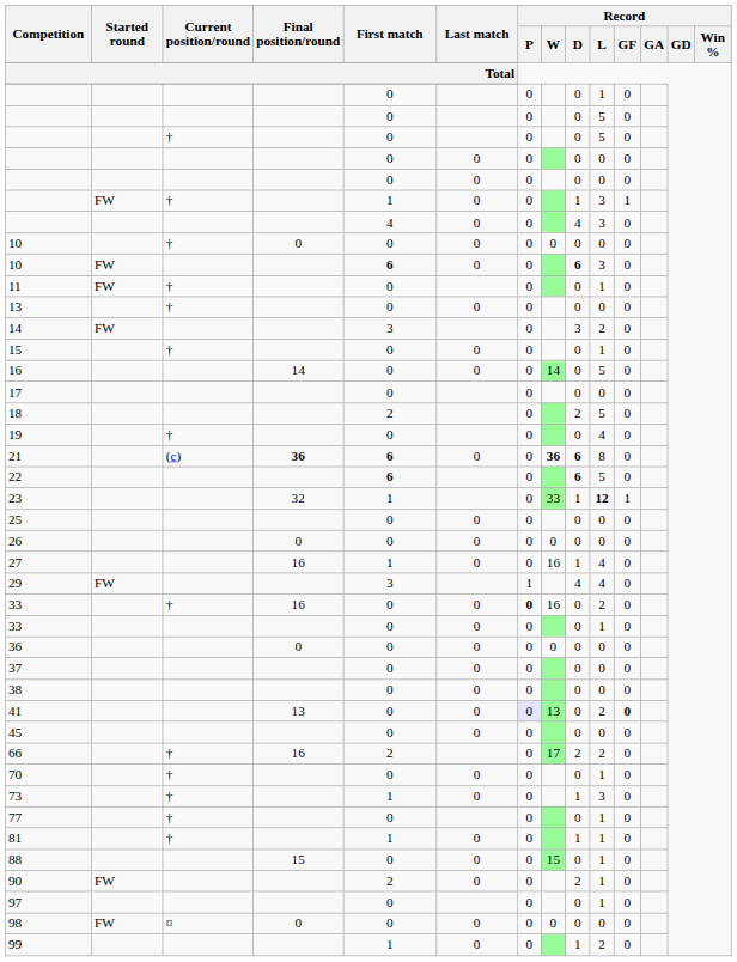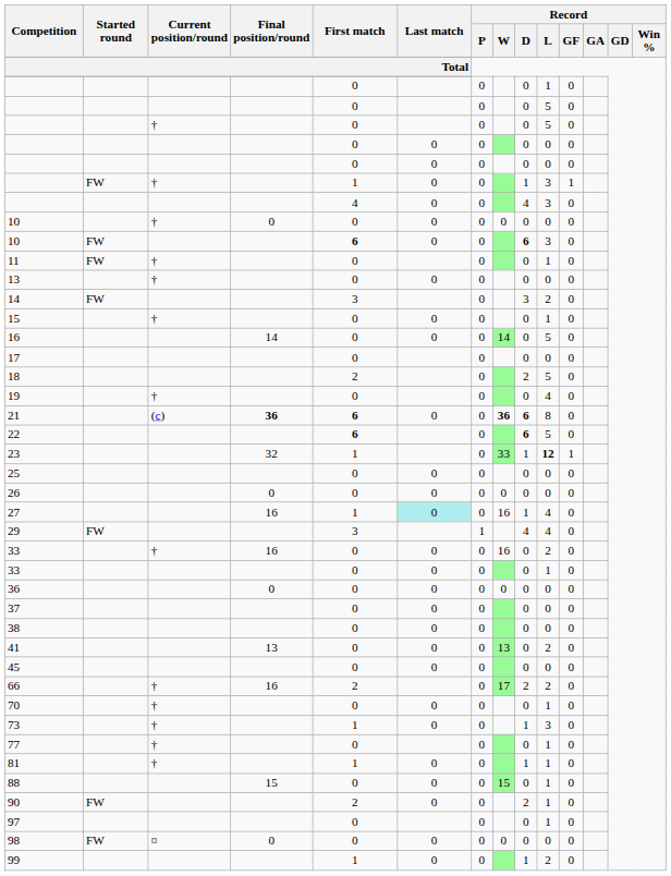 <table class="wikitable" style="text-align: center">
 <tr>
 <th rowspan=2 width="100">Competition</th>
 <th rowspan=2 width="90">Started round</th>
 <th rowspan=2 width="90">Current position/round</th>
 <th rowspan=2 width="90">Final position/round</th>
 <th rowspan=2 width="130">First match</th>
 <th rowspan=2 width="110">Last match</th>
 <th colspan=8>Record</th>
 </tr>
 <tr>
 <th width="25">P</th>
 <th width="25">W</th>
 <th width="25">D</th>
 <th width="25">L</th>
 <th width="25">GF</th>
 <th width="25">GA</th>
 <th width="25">GD</th>
 <th width="40">Win %</th>
 </tr>
 <tr>
 </tr>
 <tr>
 </tr>
 <tr>
 <th colspan=6 style="text-align: right;">Total<br></th>
 </tr>
 <tr>
 </tr>
 <tr>
 <td align=left></td>
 <td align=left></td>
 <td align=left> </td>
 <td></td>
 <td>0</td>
 <td></td>
 <td>0</td>
 <td></td>
 <td>0</td>
 <td>1</td>
 <td>0</td>
 <td></td>
 </tr>
 <tr>
 <td align=left></td>
 <td align=left></td>
 <td align=left> </td>
 <td></td>
 <td>0</td>
 <td></td>
 <td>0</td>
 <td></td>
 <td>0</td>
 <td>5</td>
 <td>0</td>
 <td></td>
 </tr>
 <tr>
 <td align=left></td>
 <td align=left></td>
 <td align=left>  †</td>
 <td></td>
 <td>0</td>
 <td></td>
 <td>0</td>
 <td></td>
 <td>0</td>
 <td>5</td>
 <td>0</td>
 <td></td>
 </tr>
 <tr>
 <td align=left></td>
 <td align=left></td>
 <td align=left> </td>
 <td></td>
 <td>0</td>
 <td>0</td>
 <td>0</td>
 <td style="background:#98FB98"></td>
 <td>0</td>
 <td>0</td>
 <td>0</td>
 <td></td>
 </tr>
 <tr>
 <td align=left></td>
 <td align=left></td>
 <td align=left> </td>
 <td></td>
 <td>0</td>
 <td>0</td>
 <td>0</td>
 <td></td>
 <td>0</td>
 <td>0</td>
 <td>0</td>
 <td></td>
 </tr>
 <tr>
 <td align=left></td>
 <td align=left>FW</td>
 <td align=left>  †</td>
 <td></td>
 <td>1</td>
 <td>0</td>
 <td>0</td>
 <td style="background:#98FB98"></td>
 <td>1</td>
 <td>3</td>
 <td>1</td>
 <td></td>
 </tr>
 <tr>
 <td align=left></td>
 <td align=left></td>
 <td align=left> </td>
 <td></td>
 <td>4</td>
 <td>0</td>
 <td>0</td>
 <td style="background:#98FB98"></td>
 <td>4</td>
 <td>3</td>
 <td>0</td>
 <td></td>
 </tr>
 <tr>
 <td align=left>10</td>
 <td align=left></td>
 <td align=left>  †</td>
 <td>0</td>
 <td>0</td>
 <td>0</td>
 <td>0</td>
 <td>0</td>
 <td>0</td>
 <td>0</td>
 <td>0</td>
 <td></td>
 </tr>
 <tr>
 <td align=left>10</td>
 <td align=left>FW</td>
 <td align=left> </td>
 <td></td>
 <td><strong>6</strong></td>
 <td>0</td>
 <td>0</td>
 <td style="background:#98FB98"></td>
 <td><strong>6</strong></td>
 <td>3</td>
 <td>0</td>
 <td></td>
 </tr>
 <tr>
 <td align=left>11</td>
 <td align=left>FW</td>
 <td align=left>  †</td>
 <td></td>
 <td>0</td>
 <td></td>
 <td>0</td>
 <td style="background:#98FB98"></td>
 <td>0</td>
 <td>1</td>
 <td>0</td>
 <td></td>
 </tr>
 <tr>
 <td align=left>13</td>
 <td align=left></td>
 <td align=left>  †</td>
 <td></td>
 <td>0</td>
 <td>0</td>
 <td>0</td>
 <td></td>
 <td>0</td>
 <td>0</td>
 <td>0</td>
 <td></td>
 </tr>
 <tr>
 <td align=left>14</td>
 <td align=left>FW</td>
 <td align=left> </td>
 <td></td>
 <td>3</td>
 <td></td>
 <td>0</td>
 <td></td>
 <td>3</td>
 <td>2</td>
 <td>0</td>
 <td></td>
 </tr>
 <tr>
 <td align=left>15</td>
 <td align=left></td>
 <td align=left>  †</td>
 <td></td>
 <td>0</td>
 <td>0</td>
 <td>0</td>
 <td></td>
 <td>0</td>
 <td>1</td>
 <td>0</td>
 <td></td>
 </tr>
 <tr>
 <td align=left>16</td>
 <td align=left></td>
 <td align=left> </td>
 <td>14</td>
 <td>0</td>
 <td>0</td>
 <td>0</td>
 <td style="background:#98FB98">14</td>
 <td>0</td>
 <td>5</td>
 <td>0</td>
 <td></td>
 </tr>
 <tr>
 <td align=left>17</td>
 <td align=left></td>
 <td align=left> </td>
 <td></td>
 <td>0</td>
 <td></td>
 <td>0</td>
 <td></td>
 <td>0</td>
 <td>0</td>
 <td>0</td>
 <td></td>
 </tr>
 <tr>
 <td align=left>18</td>
 <td align=left></td>
 <td align=left> </td>
 <td></td>
 <td>2</td>
 <td></td>
 <td>0</td>
 <td style="background:#98FB98"></td>
 <td>2</td>
 <td>5</td>
 <td>0</td>
 <td></td>
 </tr>
 <tr>
 <td align=left>19</td>
 <td align=left></td>
 <td align=left>  †</td>
 <td></td>
 <td>0</td>
 <td></td>
 <td>0</td>
 <td style="background:#98FB98"></td>
 <td>0</td>
 <td>4</td>
 <td>0</td>
 <td></td>
 </tr>
 <tr>
 <td align=left>21</td>
 <td align=left></td>
 <td align=left>  (<a href='#'>c</a>)</td>
 <td><strong>36</strong></td>
 <td><strong>6</strong></td>
 <td>0</td>
 <td>0</td>
 <td><strong>36</strong></td>
 <td><strong>6</strong></td>
 <td>8</td>
 <td>0</td>
 <td></td>
 </tr>
 <tr>
 <td align=left>22</td>
 <td align=left></td>
 <td align=left> </td>
 <td></td>
 <td><strong>6</strong></td>
 <td></td>
 <td>0</td>
 <td style="background:#98FB98"></td>
 <td><strong>6</strong></td>
 <td>5</td>
 <td>0</td>
 <td></td>
 </tr>
 <tr>
 <td align=left>23</td>
 <td align=left></td>
 <td align=left> </td>
 <td>32</td>
 <td>1</td>
 <td></td>
 <td>0</td>
 <td style="background:#98FB98">33</td>
 <td>1</td>
 <td><strong>12</strong></td>
 <td>1</td>
 <td></td>
 </tr>
 <tr>
 <td align=left>25</td>
 <td align=left></td>
 <td align=left> </td>
 <td></td>
 <td>0</td>
 <td>0</td>
 <td>0</td>
 <td></td>
 <td>0</td>
 <td>0</td>
 <td>0</td>
 <td></td>
 </tr>
 <tr>
 <td align=left>26</td>
 <td align=left></td>
 <td align=left> </td>
 <td>0</td>
 <td>0</td>
 <td>0</td>
 <td>0</td>
 <td>0</td>
 <td>0</td>
 <td>0</td>
 <td>0</td>
 <td></td>
 </tr>
 <tr>
 <td align=left>27</td>
 <td align=left></td>
 <td align=left> </td>
 <td>16</td>
 <td>1</td>
-<td>0</td>
+<td style="background: paleturquoise;">0</td>
 <td>0</td>
 <td>16</td>
 <td>1</td>
 <td>4</td>
 <td>0</td>
 <td></td>
 </tr>
 <tr>
 <td align=left>29</td>
 <td align=left>FW</td>
 <td align=left> </td>
 <td></td>
 <td>3</td>
 <td></td>
 <td>1</td>
 <td></td>
 <td>4</td>
 <td>4</td>
 <td>0</td>
 <td></td>
 </tr>
 <tr>
 <td align=left>33</td>
 <td align=left></td>
 <td align=left>  †</td>
 <td>16</td>
 <td>0</td>
 <td>0</td>
-<td><strong>0</strong></td>
+<td>0</td>
 <td>16</td>
 <td>0</td>
 <td>2</td>
 <td>0</td>
 <td></td>
 </tr>
 <tr>
 <td align=left>33</td>
 <td align=left></td>
 <td align=left> </td>
 <td></td>
 <td>0</td>
 <td>0</td>
 <td>0</td>
 <td style="background:#98FB98"></td>
 <td>0</td>
 <td>1</td>
 <td>0</td>
 <td></td>
 </tr>
 <tr>
 <td align=left>36</td>
 <td align=left></td>
 <td align=left> </td>
 <td>0</td>
 <td>0</td>
 <td>0</td>
 <td>0</td>
 <td>0</td>
 <td>0</td>
 <td>0</td>
 <td>0</td>
 <td></td>
 </tr>
 <tr>
 <td align=left>37</td>
 <td align=left></td>
 <td align=left> </td>
 <td></td>
 <td>0</td>
 <td>0</td>
 <td>0</td>
 <td style="background:#98FB98"></td>
 <td>0</td>
 <td>0</td>
 <td>0</td>
 <td></td>
 </tr>
 <tr>
 <td align=left>38</td>
 <td align=left></td>
 <td align=left> </td>
 <td></td>
 <td>0</td>
 <td>0</td>
 <td>0</td>
 <td style="background:#98FB98"></td>
 <td>0</td>
 <td>0</td>
 <td>0</td>
 <td></td>
 </tr>
 <tr>
 <td align=left>41</td>
 <td align=left></td>
 <td align=left> </td>
 <td>13</td>
 <td>0</td>
 <td>0</td>
-<td style="background: lavender;">0</td>
+<td>0</td>
 <td style="background:#98FB98">13</td>
 <td>0</td>
 <td>2</td>
-<td><strong>0</strong></td>
+<td>0</td>
 <td></td>
 </tr>
 <tr>
 <td align=left>45</td>
 <td align=left></td>
 <td align=left> </td>
 <td></td>
 <td>0</td>
 <td>0</td>
 <td>0</td>
 <td style="background:#98FB98"></td>
 <td>0</td>
 <td>0</td>
 <td>0</td>
 <td></td>
 </tr>
 <tr>
 <td align=left>66</td>
 <td align=left></td>
 <td align=left>  †</td>
 <td>16</td>
 <td>2</td>
 <td></td>
 <td>0</td>
 <td style="background:#98FB98">17</td>
 <td>2</td>
 <td>2</td>
 <td>0</td>
 <td></td>
 </tr>
 <tr>
 <td align=left>70</td>
 <td align=left></td>
 <td align=left>  †</td>
 <td></td>
 <td>0</td>
 <td>0</td>
 <td>0</td>
 <td></td>
 <td>0</td>
 <td>1</td>
 <td>0</td>
 <td></td>
 </tr>
 <tr>
 <td align=left>73</td>
 <td align=left></td>
 <td align=left>  †</td>
 <td></td>
 <td>1</td>
 <td>0</td>
 <td>0</td>
 <td></td>
 <td>1</td>
 <td>3</td>
 <td>0</td>
 <td></td>
 </tr>
 <tr>
 <td align=left>77</td>
 <td align=left></td>
 <td align=left>  †</td>
 <td></td>
 <td>0</td>
 <td></td>
 <td>0</td>
 <td style="background:#98FB98"></td>
 <td>0</td>
 <td>1</td>
 <td>0</td>
 <td></td>
 </tr>
 <tr>
 <td align=left>81</td>
 <td align=left></td>
 <td align=left>  †</td>
 <td></td>
 <td>1</td>
 <td>0</td>
 <td>0</td>
 <td style="background:#98FB98"></td>
 <td>1</td>
 <td>1</td>
 <td>0</td>
 <td></td>
 </tr>
 <tr>
 <td align=left>88</td>
 <td align=left></td>
 <td align=left> </td>
 <td>15</td>
 <td>0</td>
 <td>0</td>
 <td>0</td>
 <td style="background:#98FB98">15</td>
 <td>0</td>
 <td>1</td>
 <td>0</td>
 <td></td>
 </tr>
 <tr>
 <td align=left>90</td>
 <td align=left>FW</td>
 <td align=left> </td>
 <td></td>
 <td>2</td>
 <td>0</td>
 <td>0</td>
 <td></td>
 <td>2</td>
 <td>1</td>
 <td>0</td>
 <td></td>
 </tr>
 <tr>
 <td align=left>97</td>
 <td align=left></td>
 <td align=left> </td>
 <td></td>
 <td>0</td>
 <td></td>
 <td>0</td>
 <td></td>
 <td>0</td>
 <td>1</td>
 <td>0</td>
 <td></td>
 </tr>
 <tr>
 <td align=left>98</td>
 <td align=left>FW</td>
 <td align=left>  ¤</td>
 <td>0</td>
 <td>0</td>
 <td>0</td>
 <td>0</td>
 <td>0</td>
 <td>0</td>
 <td>0</td>
 <td>0</td>
 <td></td>
 </tr>
 <tr>
 <td align=left>99</td>
 <td align=left></td>
 <td align=left> </td>
 <td></td>
 <td>1</td>
 <td>0</td>
 <td>0</td>
 <td style="background:#98FB98"></td>
 <td>1</td>
 <td>2</td>
 <td>0</td>
 <td></td>
 </tr>
 </table>
